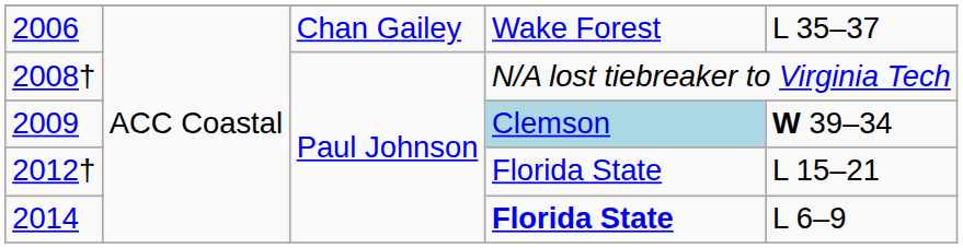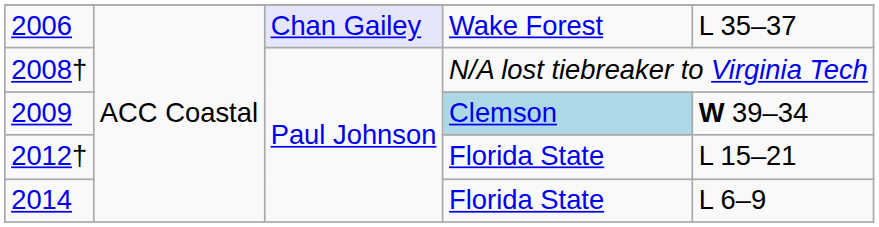 <table class="wikitable">
 <tr>
 </tr>
 <tr>
 <td><a href='#'>2006</a></td>
 <td rowspan="5">ACC Coastal</td>
-<td><a href='#'>Chan Gailey</a></td>
+<td style="background: lavender;"><a href='#'>Chan Gailey</a></td>
 <td><a href='#'>Wake Forest</a></td>
 <td>L 35–37</td>
 </tr>
 <tr>
 <td><a href='#'>2008</a>†</td>
 <td rowspan="4"><a href='#'>Paul Johnson</a></td>
 <td colspan=2><em>N/A lost tiebreaker to <a href='#'>Virginia Tech</a></em></td>
 </tr>
 <tr>
 <td><a href='#'>2009</a></td>
 <td style="background: lightblue;"><a href='#'>Clemson</a></td>
 <td><strong>W</strong> 39–34</td>
 </tr>
 <tr>
 <td><a href='#'>2012</a>†</td>
 <td><a href='#'>Florida State</a></td>
 <td>L 15–21</td>
 </tr>
 <tr>
 <td><a href='#'>2014</a></td>
-<td><strong><a href='#'>Florida State</a></strong></td>
+<td><a href='#'>Florida State</a></td>
 <td>L 6–9</td>
 </tr>
 </table>
